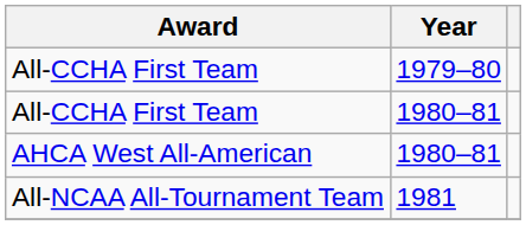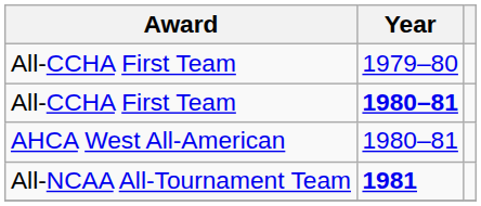 <table class="wikitable">
 <tr>
 <th>Award</th>
 <th>Year</th>
 <th></th>
 </tr>
 <tr>
 <td>All-<a href='#'>CCHA</a> <a href='#'>First Team</a></td>
 <td><a href='#'>1979–80</a></td>
 <td></td>
 </tr>
 <tr>
 <td>All-<a href='#'>CCHA</a> <a href='#'>First Team</a></td>
-<td><a href='#'>1980–81</a></td>
+<td><strong><a href='#'>1980–81</a></strong></td>
 <td></td>
 </tr>
 <tr>
 <td><a href='#'>AHCA</a> <a href='#'>West All-American</a></td>
 <td><a href='#'>1980–81</a></td>
 <td></td>
 </tr>
 <tr>
 <td>All-<a href='#'>NCAA</a> <a href='#'>All-Tournament Team</a></td>
-<td><a href='#'>1981</a></td>
+<td><strong><a href='#'>1981</a></strong></td>
 <td></td>
 </tr>
 <tr>
 </tr>
 </table>
